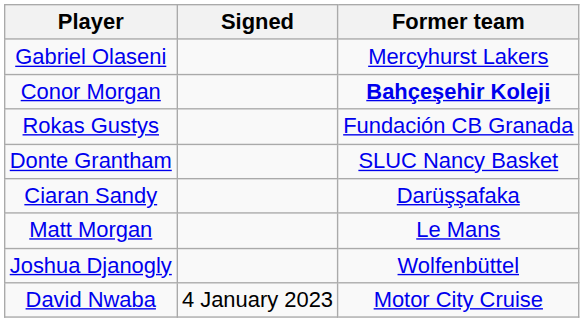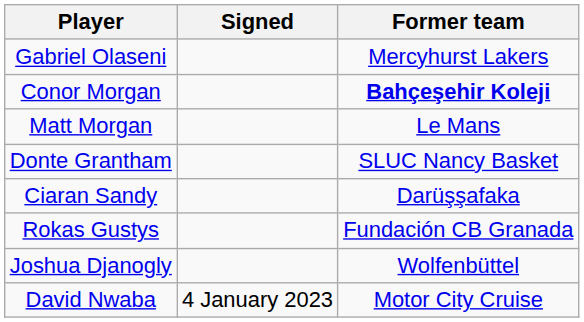 <table class="wikitable sortable sortable" style="text-align: center">
 <tr>
 <th>Player</th>
 <th>Signed</th>
 <th>Former team</th>
 </tr>
 <tr>
 <td><a href='#'>Gabriel Olaseni</a></td>
 <td></td>
 <td><a href='#'>Mercyhurst Lakers</a></td>
 </tr>
 <tr>
 <td><a href='#'>Conor Morgan</a></td>
 <td></td>
 <td><strong><a href='#'> Bahçeşehir Koleji</a></strong></td>
 </tr>
 <tr>
-<td><a href='#'>Rokas Gustys</a></td>
+<td><a href='#'>Matt Morgan</a></td>
 <td></td>
-<td><a href='#'>Fundación CB Granada</a></td>
+<td><a href='#'>Le Mans</a></td>
 </tr>
 <tr>
 <td><a href='#'>Donte Grantham</a></td>
 <td></td>
 <td><a href='#'>SLUC Nancy Basket</a></td>
 </tr>
 <tr>
 <td><a href='#'>Ciaran Sandy</a></td>
 <td></td>
 <td><a href='#'> Darüşşafaka</a></td>
 </tr>
 <tr>
-<td><a href='#'>Matt Morgan</a></td>
+<td><a href='#'>Rokas Gustys</a></td>
 <td></td>
-<td><a href='#'>Le Mans</a></td>
+<td><a href='#'>Fundación CB Granada</a></td>
 </tr>
 <tr>
 <td><a href='#'>Joshua Djanogly</a></td>
 <td></td>
 <td><a href='#'>Wolfenbüttel</a></td>
 </tr>
 <tr>
 <td><a href='#'>David Nwaba</a></td>
 <td>4 January 2023</td>
 <td><a href='#'>Motor City Cruise</a></td>
 </tr>
 </table>
